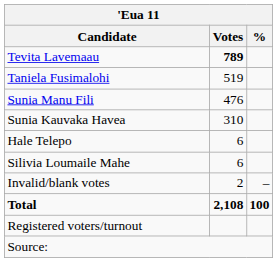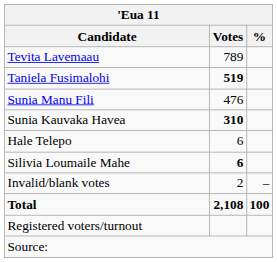 <table class=wikitable style=text-align:right>
 <tr>
 <th colspan=3>'Eua 11</th>
 </tr>
 <tr>
 <th width=240px>Candidate</th>
 <th>Votes</th>
 <th>%</th>
 </tr>
 <tr>
 <td align=left><a href='#'>Tevita Lavemaau</a></td>
-<td><strong>789</strong></td>
+<td>789</td>
 <td></td>
 </tr>
 <tr>
 <td align=left><a href='#'>Taniela Fusimalohi</a></td>
-<td>519</td>
+<td><strong>519</strong></td>
 <td></td>
 </tr>
 <tr>
 <td align=left><a href='#'>Sunia Manu Fili</a></td>
 <td>476</td>
 <td></td>
 </tr>
 <tr>
 <td align=left>Sunia Kauvaka Havea</td>
-<td>310</td>
+<td><strong>310</strong></td>
 <td></td>
 </tr>
 <tr>
 <td align=left>Hale Telepo</td>
 <td>6</td>
 <td></td>
 </tr>
 <tr>
 <td align=left>Silivia Loumaile Mahe</td>
-<td>6</td>
+<td><strong>6</strong></td>
 <td></td>
 </tr>
 <tr>
 <td align=left>Invalid/blank votes</td>
 <td>2</td>
 <td>–</td>
 </tr>
 <tr>
 <td align=left><strong>Total</strong></td>
 <td><strong>2,108</strong></td>
 <td><strong>100</strong></td>
 </tr>
 <tr>
 <td align=left>Registered voters/turnout</td>
 <td></td>
 <td></td>
 </tr>
 <tr>
 <td align=left colspan=3>Source: </td>
 </tr>
 </table>
